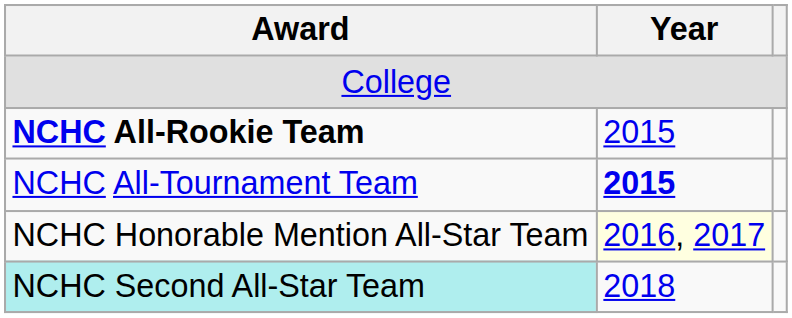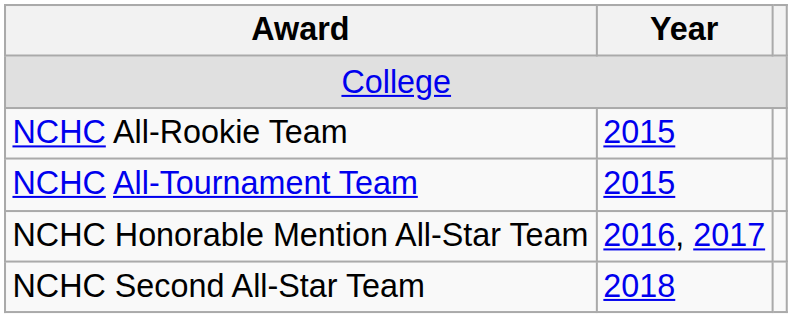 <table class="wikitable">
 <tr>
 <th>Award</th>
 <th>Year</th>
 <th></th>
 </tr>
 <tr ALIGN="center" bgcolor="#e0e0e0">
 <td colspan="3"><a href='#'>College</a></td>
 </tr>
 <tr>
-<td><strong><a href='#'>NCHC</a> All-Rookie Team</strong></td>
+<td><a href='#'>NCHC</a> All-Rookie Team</td>
 <td><a href='#'>2015</a></td>
 <td></td>
 </tr>
 <tr>
 <td><a href='#'>NCHC</a> <a href='#'>All-Tournament Team</a></td>
-<td><strong><a href='#'>2015</a></strong></td>
+<td><a href='#'>2015</a></td>
 <td></td>
 </tr>
 <tr>
 <td>NCHC Honorable Mention All-Star Team</td>
-<td style="background: lightyellow;"><a href='#'>2016</a>, <a href='#'>2017</a></td>
+<td><a href='#'>2016</a>, <a href='#'>2017</a></td>
 <td></td>
 </tr>
 <tr>
-<td style="background: paleturquoise;">NCHC Second All-Star Team</td>
+<td>NCHC Second All-Star Team</td>
 <td><a href='#'>2018</a></td>
 <td></td>
 </tr>
 </table>
